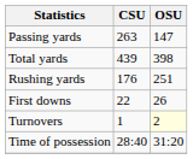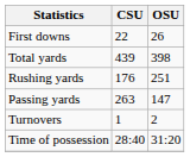 <table class="wikitable" style="float: left;">
 <tr>
 <th>Statistics</th>
 <th>CSU</th>
 <th>OSU</th>
 </tr>
 <tr>
-<td>Passing yards</td>
-<td>263</td>
-<td>147</td>
+<td>First downs</td>
+<td>22</td>
+<td>26</td>
 </tr>
 <tr>
 <td>Total yards</td>
 <td>439</td>
 <td>398</td>
 </tr>
 <tr>
 <td>Rushing yards</td>
 <td>176</td>
 <td>251</td>
 </tr>
 <tr>
-<td>First downs</td>
-<td>22</td>
-<td>26</td>
+<td>Passing yards</td>
+<td>263</td>
+<td>147</td>
 </tr>
 <tr>
 <td>Turnovers</td>
 <td>1</td>
-<td style="background: lightyellow;">2</td>
+<td>2</td>
 </tr>
 <tr>
 <td>Time of possession</td>
 <td>28:40</td>
 <td>31:20</td>
 </tr>
 <tr>
 </tr>
 </table>
